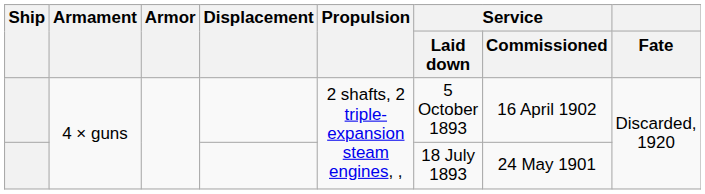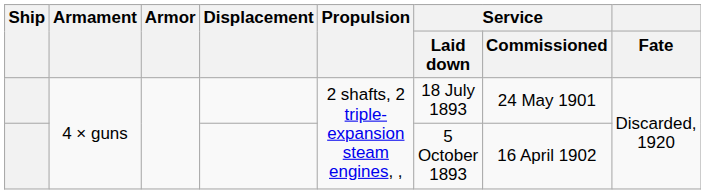 <table class="wikitable plainrowheaders" style="text-align: center;">
 <tr valign="top">
 <th scope="col" rowspan="2">Ship</th>
 <th scope="col" rowspan="2">Armament</th>
 <th scope="col" rowspan="2">Armor</th>
 <th scope="col" rowspan="2">Displacement</th>
 <th scope="col" rowspan="2">Propulsion</th>
 <th scope="col" colspan="2">Service</th>
 <th></th>
 </tr>
 <tr valign="top">
 <th scope="col">Laid down</th>
 <th scope="col">Commissioned</th>
 <th scope="col">Fate</th>
 </tr>
 <tr valign="center">
 <th scope="row"></th>
 <td rowspan="2">4 ×  guns</td>
 <td rowspan="2"></td>
 <td></td>
 <td rowspan="2">2 shafts, 2 <a href='#'>triple-expansion steam engines</a>, , </td>
-<td>5 October 1893</td>
-<td>16 April 1902</td>
+<td>18 July 1893</td>
+<td>24 May 1901</td>
 <td rowspan="2">Discarded, 1920</td>
 </tr>
 <tr valign="center">
 <th scope="row"></th>
 <td></td>
-<td>18 July 1893</td>
-<td>24 May 1901</td>
+<td>5 October 1893</td>
+<td>16 April 1902</td>
 </tr>
 </table>
